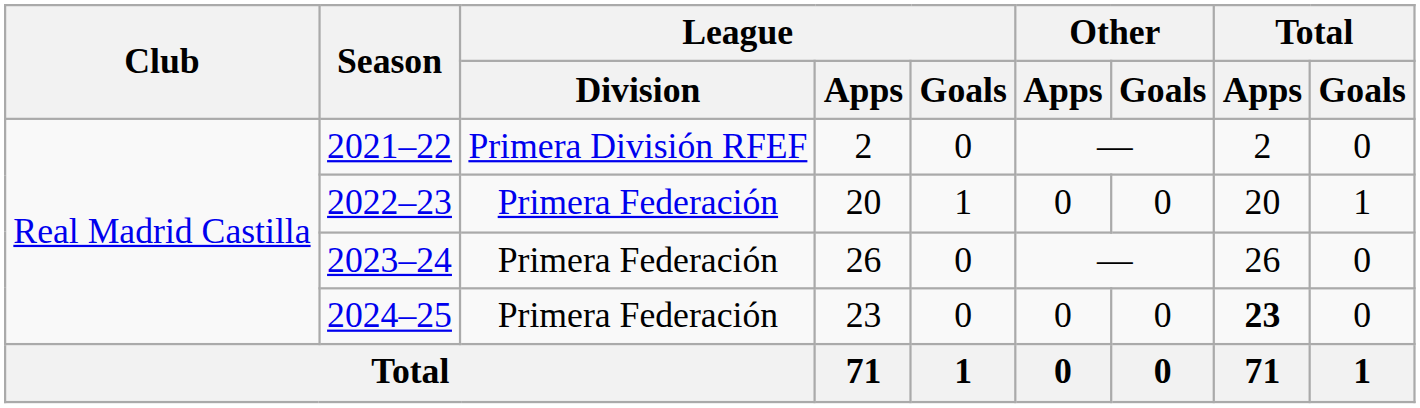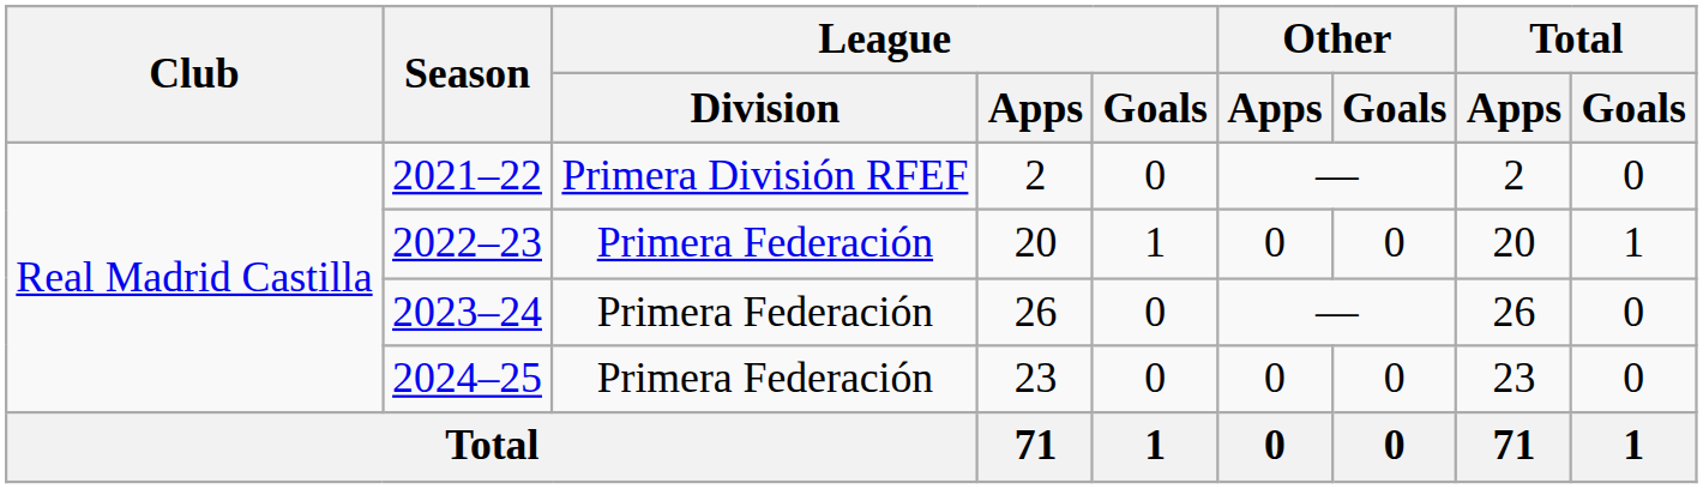 <table class="wikitable" style="text-align:center">
 <tr>
 <th rowspan="2">Club</th>
 <th rowspan="2">Season</th>
 <th colspan="3">League</th>
 <th colspan="2">Other</th>
 <th colspan="2">Total</th>
 </tr>
 <tr>
 <th>Division</th>
 <th>Apps</th>
 <th>Goals</th>
 <th>Apps</th>
 <th>Goals</th>
 <th>Apps</th>
 <th>Goals</th>
 </tr>
 <tr>
 <td rowspan="4"><a href='#'>Real Madrid Castilla</a></td>
 <td><a href='#'>2021–22</a></td>
 <td><a href='#'>Primera División RFEF</a></td>
 <td>2</td>
 <td>0</td>
 <td colspan="2">—</td>
 <td>2</td>
 <td>0</td>
 </tr>
 <tr>
 <td><a href='#'>2022–23</a></td>
 <td><a href='#'>Primera Federación</a></td>
 <td>20</td>
 <td>1</td>
 <td>0</td>
 <td>0</td>
 <td>20</td>
 <td>1</td>
 </tr>
 <tr>
 <td><a href='#'>2023–24</a></td>
 <td>Primera Federación</td>
 <td>26</td>
 <td>0</td>
 <td colspan="2">—</td>
 <td>26</td>
 <td>0</td>
 </tr>
 <tr>
 <td><a href='#'>2024–25</a></td>
 <td>Primera Federación</td>
 <td>23</td>
 <td>0</td>
 <td>0</td>
 <td>0</td>
-<td><strong>23</strong></td>
+<td>23</td>
 <td>0</td>
 </tr>
 <tr>
 <th colspan="3">Total</th>
 <th>71</th>
 <th>1</th>
 <th>0</th>
 <th>0</th>
 <th>71</th>
 <th>1</th>
 </tr>
 </table>
